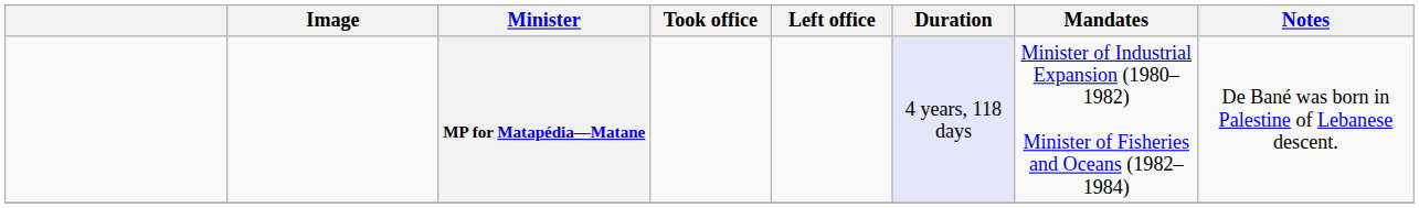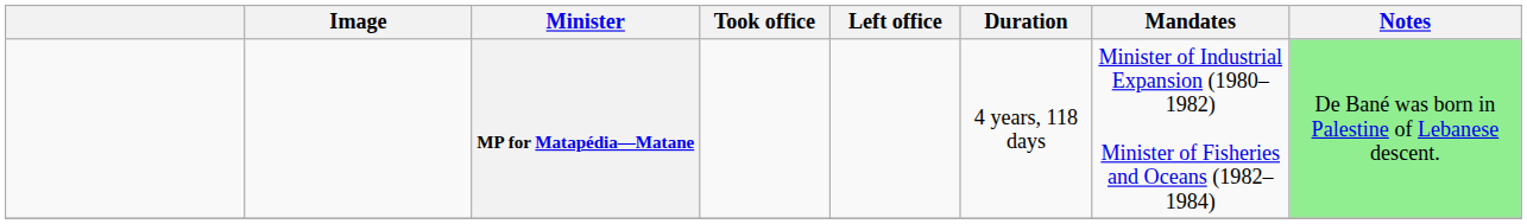 <table class="wikitable sortable plainrowheaders" style="text-align: center;">
 <tr>
 <th scope="col" class=unsortable></th>
 <th scope="col" class=unsortable>Image</th>
 <th scope="col"><a href='#'>Minister</a></th>
 <th scope="col" width=90px>Took office</th>
 <th scope="col" width=90px>Left office</th>
 <th scope="col" width=90px>Duration</th>
 <th scope="col" width=140px>Mandates</th>
 <th scope="col" width=165px><a href='#'>Notes</a></th>
 </tr>
 <tr>
 <td style="background: "></td>
 <td style="width:15%;"></td>
 <th scope="row" style="text-align:center; width:15%;"><br><small>MP for <a href='#'>Matapédia—Matane</a></small></th>
 <td></td>
 <td></td>
-<td style="background: lavender;">4 years, 118 days</td>
+<td>4 years, 118 days</td>
 <td><a href='#'>Minister of Industrial Expansion</a> (1980–1982) <br> <br> <a href='#'>Minister of Fisheries and Oceans</a> (1982–1984)</td>
-<td>De Bané was born in <a href='#'>Palestine</a> of <a href='#'>Lebanese</a> descent.</td>
+<td style="background: lightgreen;">De Bané was born in <a href='#'>Palestine</a> of <a href='#'>Lebanese</a> descent.</td>
 </tr>
 <tr>
 </tr>
 </table>
